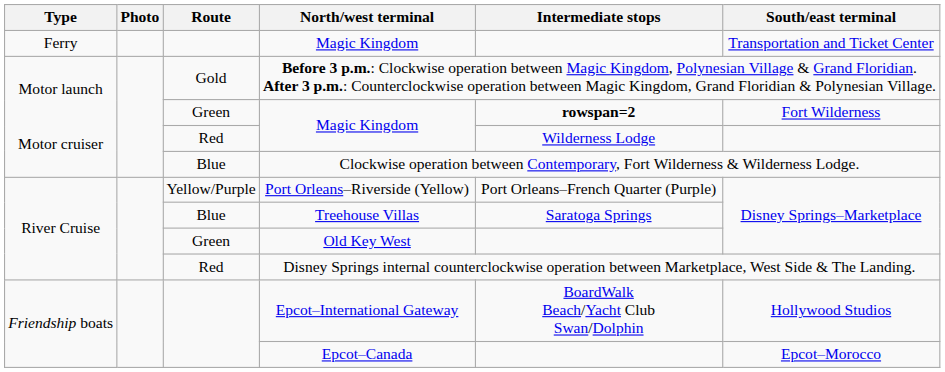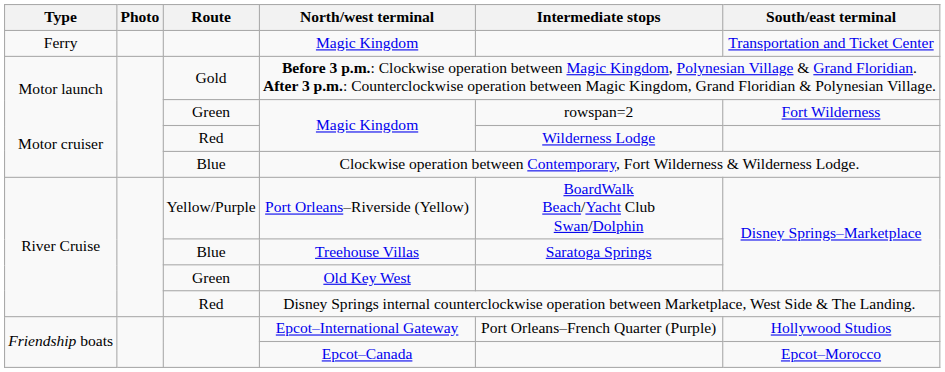 <table class=wikitable style="font-size: 90%;" |>
 <tr>
 <th>Type</th>
 <th>Photo</th>
 <th>Route</th>
 <th>North/west terminal</th>
 <th>Intermediate stops</th>
 <th>South/east terminal</th>
 </tr>
 <tr align=center>
 <td>Ferry<br></td>
 <td></td>
 <td></td>
 <td><a href='#'>Magic Kingdom</a></td>
 <td></td>
 <td><a href='#'>Transportation and Ticket Center</a></td>
 </tr>
 <tr align=center>
 <td rowspan=4>Motor launch<br><br><br>Motor cruiser<br></td>
 <td rowspan=4> </td>
 <td>Gold<br></td>
 <td colspan=3><strong>Before 3 p.m.</strong>: Clockwise operation between <a href='#'>Magic Kingdom</a>, <a href='#'>Polynesian Village</a> & <a href='#'>Grand Floridian</a>.<br><strong>After 3 p.m.</strong>: Counterclockwise operation between Magic Kingdom, Grand Floridian & Polynesian Village.</td>
 </tr>
 <tr align=center>
 <td>Green<br></td>
 <td rowspan=2><a href='#'>Magic Kingdom</a></td>
-<td><strong>rowspan=2 </strong></td>
+<td>rowspan=2 </td>
 <td><a href='#'>Fort Wilderness</a></td>
 </tr>
 <tr align=center>
 <td>Red<br></td>
 <td><a href='#'>Wilderness Lodge</a></td>
 </tr>
 <tr align=center>
 <td>Blue<br></td>
 <td colspan=3>Clockwise operation between <a href='#'>Contemporary</a>, Fort Wilderness & Wilderness Lodge.</td>
 </tr>
 <tr align=center>
 <td rowspan=4>River Cruise<br></td>
 <td rowspan=4></td>
 <td>Yellow/Purple</td>
 <td><a href='#'>Port Orleans</a>–Riverside (Yellow)</td>
-<td>Port Orleans–French Quarter (Purple)</td>
+<td><a href='#'>BoardWalk</a><br><a href='#'>Beach</a>/<a href='#'>Yacht</a> Club<br><a href='#'>Swan</a>/<a href='#'>Dolphin</a></td>
 <td rowspan=3><a href='#'>Disney Springs–Marketplace</a></td>
 </tr>
 <tr align=center>
 <td>Blue</td>
 <td><a href='#'>Treehouse Villas</a></td>
 <td><a href='#'>Saratoga Springs</a></td>
 </tr>
 <tr align=center>
 <td>Green</td>
 <td><a href='#'>Old Key West</a></td>
 <td></td>
 </tr>
 <tr align=center>
 <td>Red</td>
 <td colspan=3>Disney Springs internal counterclockwise operation between Marketplace, West Side & The Landing.</td>
 </tr>
 <tr align=center>
 <td rowspan=3><em>Friendship</em> boats<br></td>
 <td rowspan=3></td>
 <td rowspan=3></td>
 <td><a href='#'>Epcot–International Gateway</a></td>
-<td><a href='#'>BoardWalk</a><br><a href='#'>Beach</a>/<a href='#'>Yacht</a> Club<br><a href='#'>Swan</a>/<a href='#'>Dolphin</a></td>
+<td>Port Orleans–French Quarter (Purple)</td>
 <td><a href='#'>Hollywood Studios</a></td>
 </tr>
 <tr align=center>
 <td><a href='#'>Epcot–Canada</a></td>
 <td></td>
 <td><a href='#'>Epcot–Morocco</a></td>
 </tr>
 </table>
